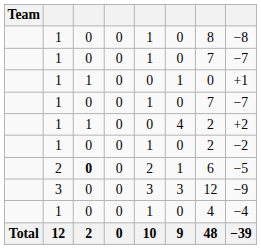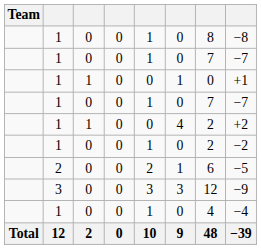 <table class="sortable wikitable" style="text-align:center;">
 <tr>
 <th>Team</th>
 <th width=28></th>
 <th width=28></th>
 <th width=28></th>
 <th width=28></th>
 <th width=28></th>
 <th width=28></th>
 <th width=28></th>
 </tr>
 <tr>
 <td style="text-align:left;"></td>
 <td>1</td>
 <td>0</td>
 <td>0</td>
 <td>1</td>
 <td>0</td>
 <td>8</td>
 <td>−8</td>
 </tr>
 <tr>
 <td style="text-align:left;"></td>
 <td>1</td>
 <td>0</td>
 <td>0</td>
 <td>1</td>
 <td>0</td>
 <td>7</td>
 <td>−7</td>
 </tr>
 <tr>
 <td style="text-align:left;"></td>
 <td>1</td>
 <td>1</td>
 <td>0</td>
 <td>0</td>
 <td>1</td>
 <td>0</td>
 <td>+1</td>
 </tr>
 <tr>
 <td style="text-align:left;"></td>
 <td>1</td>
 <td>0</td>
 <td>0</td>
 <td>1</td>
 <td>0</td>
 <td>7</td>
 <td>−7</td>
 </tr>
 <tr>
 <td style="text-align:left;"></td>
 <td>1</td>
 <td>1</td>
 <td>0</td>
 <td>0</td>
 <td>4</td>
 <td>2</td>
 <td>+2</td>
 </tr>
 <tr>
 <td style="text-align:left;"></td>
 <td>1</td>
 <td>0</td>
 <td>0</td>
 <td>1</td>
 <td>0</td>
 <td>2</td>
 <td>−2</td>
 </tr>
 <tr>
 <td style="text-align:left;"></td>
 <td>2</td>
-<td><strong>0</strong></td>
+<td>0</td>
 <td>0</td>
 <td>2</td>
 <td>1</td>
 <td>6</td>
 <td>−5</td>
 </tr>
 <tr>
 <td style="text-align:left;"></td>
 <td>3</td>
 <td>0</td>
 <td>0</td>
 <td>3</td>
 <td>3</td>
 <td>12</td>
 <td>−9</td>
 </tr>
 <tr>
 <td style="text-align:left;"></td>
 <td>1</td>
 <td>0</td>
 <td>0</td>
 <td>1</td>
 <td>0</td>
 <td>4</td>
 <td>−4</td>
 </tr>
 <tr class="sortbottom">
 <th>Total</th>
 <th>12</th>
 <th>2</th>
 <th>0</th>
 <th>10</th>
 <th>9</th>
 <th>48</th>
 <th>−39</th>
 </tr>
 </table>
